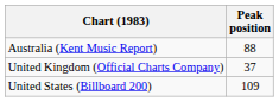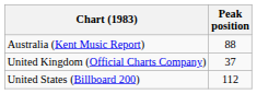 <table class="wikitable">
 <tr>
 <th scope="col">Chart (1983)</th>
 <th>Peak<br>position</th>
 </tr>
 <tr>
 <td>Australia (<a href='#'>Kent Music Report</a>)</td>
 <td style="text-align:center;">88</td>
 </tr>
 <tr>
 <td>United Kingdom (<a href='#'>Official Charts Company</a>)</td>
 <td style="text-align:center;">37</td>
 </tr>
 <tr>
 <td>United States (<a href='#'>Billboard 200</a>)</td>
-<td style="text-align:center;">109</td>
+<td style="text-align:center;">112</td>
 </tr>
 </table>
